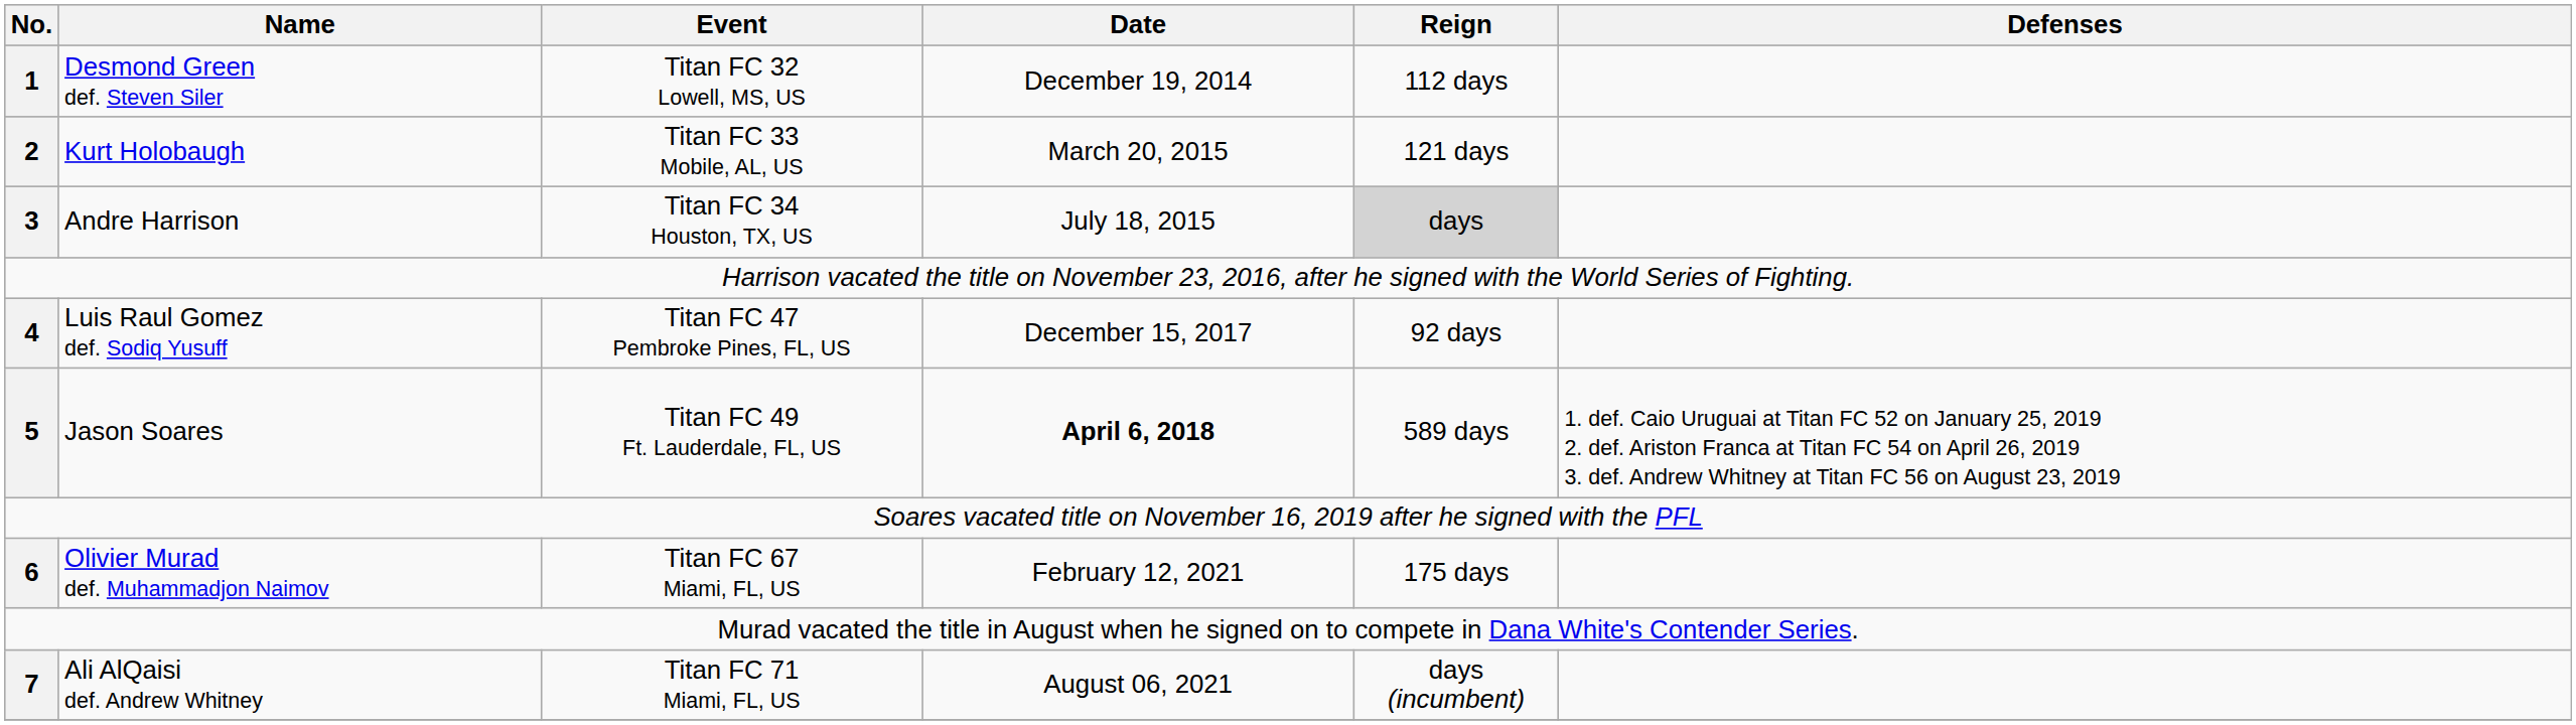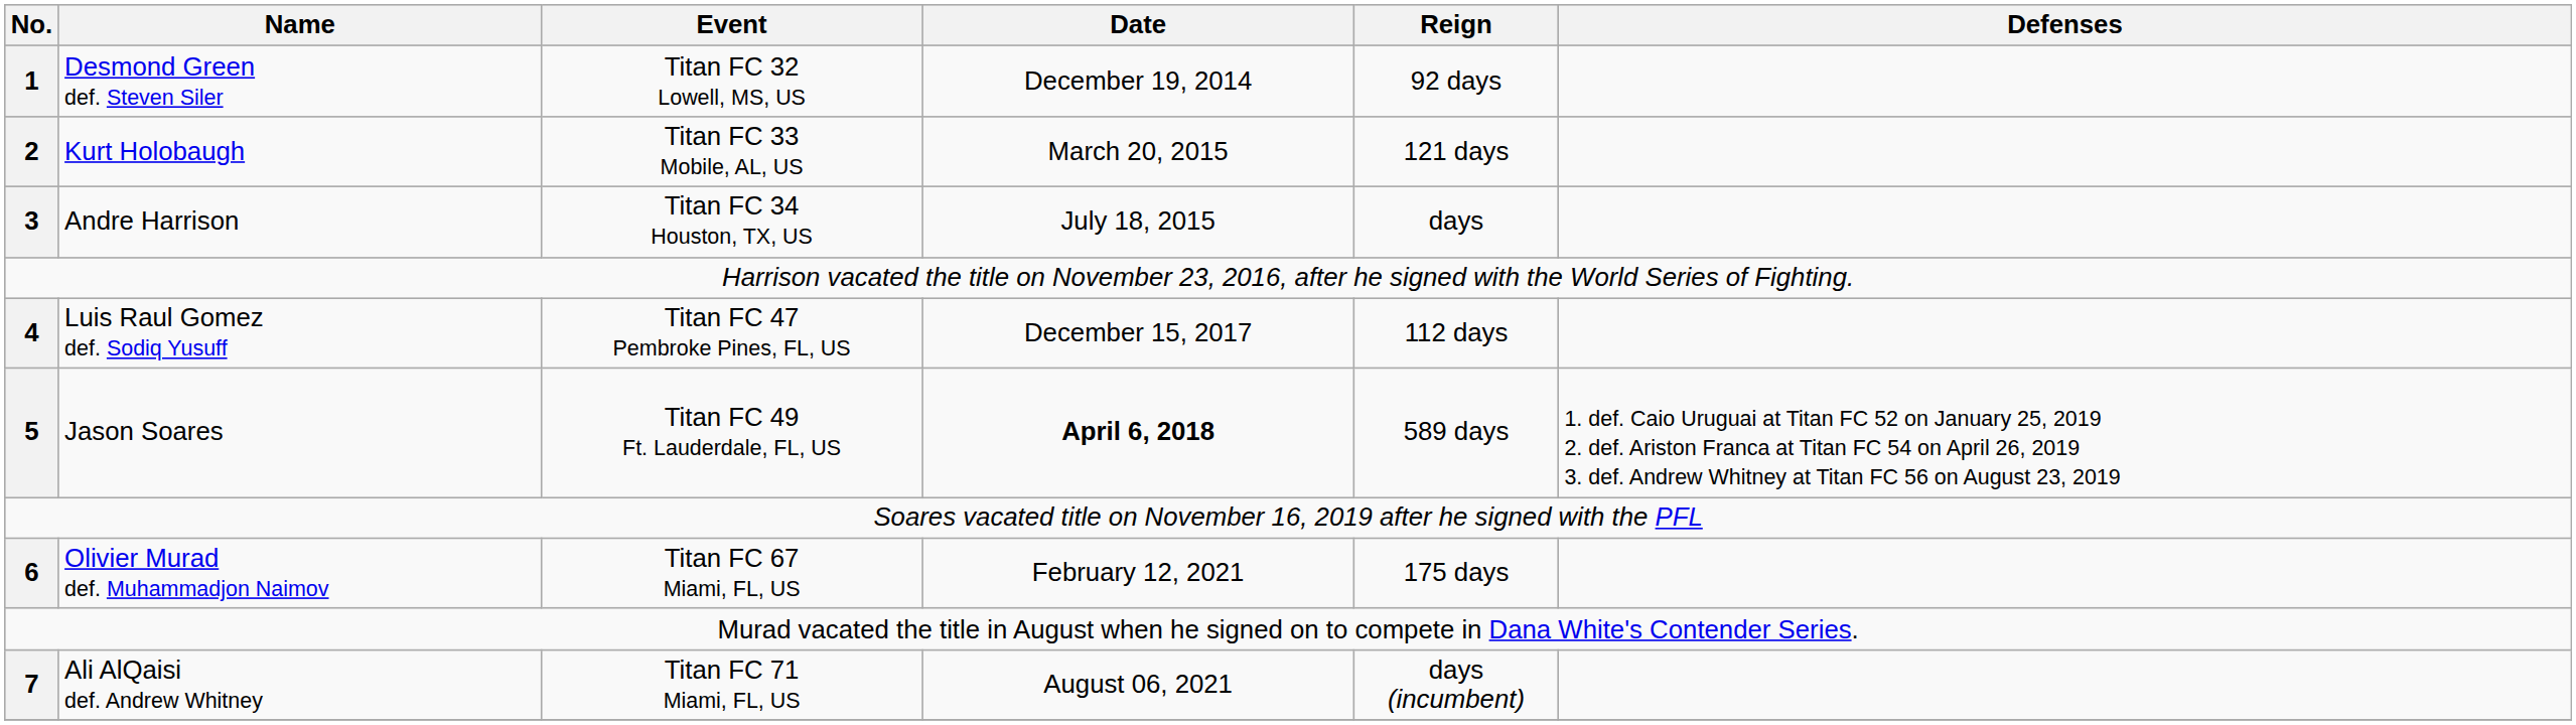 <table class="wikitable" width=100%>
 <tr>
 <th width=1%>No.</th>
 <th width=19%>Name</th>
 <th width=15%>Event</th>
 <th width=17%>Date</th>
 <th width=8%>Reign</th>
 <th width=40%>Defenses</th>
 </tr>
 <tr>
 <th>1</th>
 <td> <a href='#'>Desmond Green</a><small><br> def. <a href='#'>Steven Siler</a></small></td>
 <td align=center>Titan FC 32 <br><small> Lowell, MS, US</small></td>
 <td align=center>December 19, 2014</td>
-<td align=center>112 days</td>
+<td align=center>92 days</td>
 <td></td>
 </tr>
 <tr>
 <th>2</th>
 <td> <a href='#'>Kurt Holobaugh</a><small></small></td>
 <td align=center>Titan FC 33 <br><small> Mobile, AL, US</small></td>
 <td align=center>March 20, 2015</td>
 <td align=center>121 days</td>
 <td></td>
 </tr>
 <tr>
 <th>3</th>
 <td> Andre Harrison<small></small></td>
 <td align=center>Titan FC 34 <br><small> Houston, TX, US</small></td>
 <td align=center>July 18, 2015</td>
-<td align=center style="background: lightgrey;"> days<br></td>
+<td align=center> days<br></td>
 <td></td>
 </tr>
 <tr>
 <td align="center" colspan="6"><em>Harrison vacated the title on  November 23, 2016, after he signed with the World Series of Fighting.</em></td>
 </tr>
 <tr>
 <th>4</th>
 <td> Luis Raul Gomez<small><br> def. <a href='#'>Sodiq Yusuff</a></small></td>
 <td align=center>Titan FC 47 <br><small> Pembroke Pines, FL, US</small></td>
 <td align=center>December 15, 2017</td>
-<td align=center>92 days</td>
+<td align=center>112 days</td>
 <td></td>
 </tr>
 <tr>
 <th>5</th>
 <td> Jason Soares</td>
 <td align=center>Titan FC 49 <br><small> Ft. Lauderdale, FL, US</small></td>
 <td align=center><strong>April 6, 2018</strong></td>
 <td align=center>589 days</td>
 <td><br><small>1. def. Caio Uruguai at Titan FC 52 on January 25, 2019<br> 2. def. Ariston Franca at Titan FC 54 on April 26, 2019<br> 3. def. Andrew Whitney at Titan FC 56 on August 23, 2019</small></td>
 </tr>
 <tr>
 <td align=center colspan="6"><em>Soares vacated title on November 16, 2019 after he signed with the <a href='#'>PFL</a></em></td>
 </tr>
 <tr>
 <th>6</th>
 <td> <a href='#'>Olivier Murad</a><small><br> def. <a href='#'>Muhammadjon Naimov</a></small></td>
 <td align=center>Titan FC 67 <br><small> Miami, FL, US</small></td>
 <td align=center>February 12, 2021</td>
 <td align=center>175 days</td>
 </tr>
 <tr>
 <td align=center colspan="6">Murad vacated the title in August when he signed on to compete in <a href='#'>Dana White's Contender Series</a>.</td>
 </tr>
 <tr>
 <th>7</th>
 <td> Ali AlQaisi<small><br> def. Andrew Whitney</small></td>
 <td align=center>Titan FC 71 <br><small> Miami, FL, US</small></td>
 <td align=center>August 06, 2021</td>
 <td align=center> days<br><em>(incumbent)</em></td>
 <td></td>
 </tr>
 <tr>
 </tr>
 </table>
